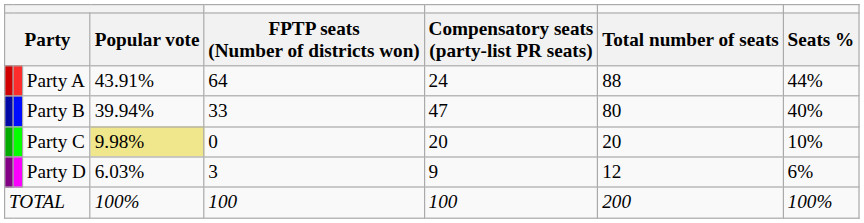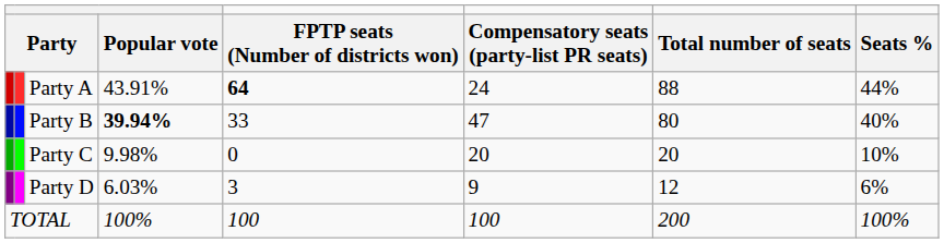 <table class="wikitable sortable">
 <tr>
 <th colspan="4"></th>
 <td></td>
 <td></td>
 <td></td>
 <td colspan="2"></td>
 </tr>
 <tr>
 <th colspan="3">Party</th>
 <th>Popular vote</th>
 <th>FPTP seats<br>(Number of districts won)</th>
 <th>Compensatory seats<br>(party-list PR seats)</th>
 <th colspan="2">Total number of seats</th>
 <th>Seats %</th>
 </tr>
 <tr>
 <td style="background:#D10000"></td>
 <td style="background:#ff2c2c"></td>
 <td>Party A</td>
 <td>43.91%</td>
-<td>64</td>
+<td><strong>64</strong></td>
 <td>24</td>
 <td colspan="2">88</td>
 <td>44%</td>
 </tr>
 <tr>
 <td style="background:#0008A5"></td>
 <td style="background:#000cff"></td>
 <td>Party B</td>
-<td>39.94%</td>
+<td><strong>39.94%</strong></td>
 <td>33</td>
 <td>47</td>
 <td colspan="2">80</td>
 <td>40%</td>
 </tr>
 <tr>
 <td style="background:#03AA00"></td>
 <td style="background:#05ff00"></td>
 <td>Party C</td>
-<td style="background: khaki;">9.98%</td>
+<td>9.98%</td>
 <td>0</td>
 <td>20</td>
 <td colspan="2">20</td>
 <td>10%</td>
 </tr>
 <tr>
 <td style="background:#820084"></td>
 <td style="background:#fb00ff"></td>
 <td>Party D</td>
 <td>6.03%</td>
 <td>3</td>
 <td>9</td>
 <td colspan="2">12</td>
 <td>6%</td>
 </tr>
 <tr>
 <td colspan="3"><em>TOTAL</em></td>
 <td><em>100%</em></td>
 <td><em>100</em></td>
 <td><em>100</em></td>
 <td colspan="2"><em>200</em></td>
 <td><em>100%</em></td>
 </tr>
 </table>
